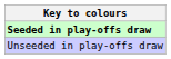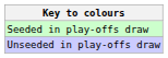 <table class="wikitable">
 <tr>
 <th>Key to colours</th>
 </tr>
 <tr bgcolor="#ccffcc">
-<td><strong>Seeded in play-offs draw</strong></td>
+<td>Seeded in play-offs draw</td>
 </tr>
 <tr bgcolor="#ccccff">
 <td>Unseeded in play-offs draw</td>
 </tr>
 </table>
